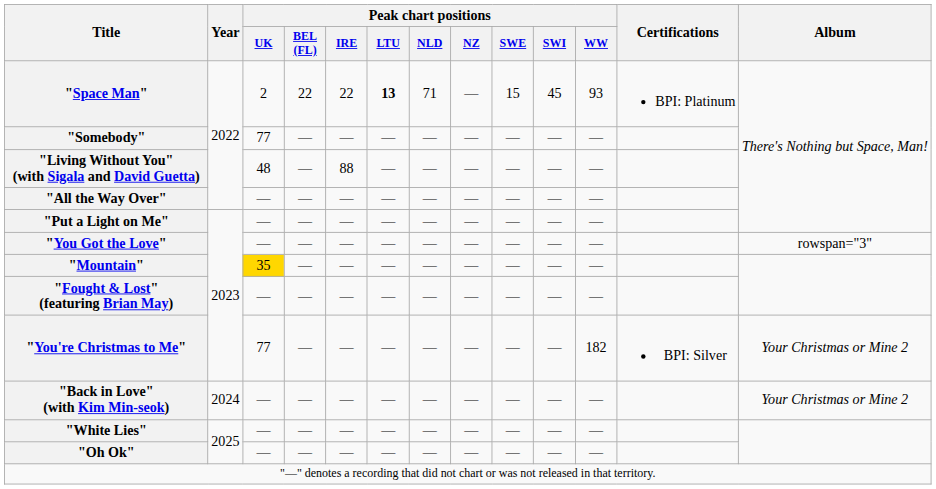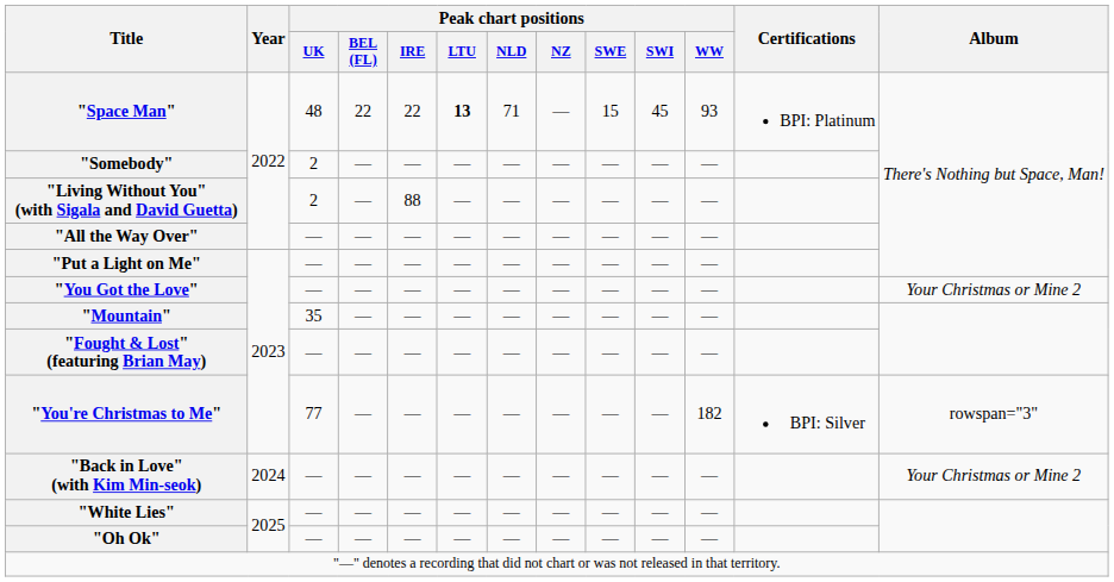 <table class="wikitable plainrowheaders" style="text-align:center;">
 <tr>
 <th scope="col" rowspan="2" style="width:14em;">Title</th>
 <th scope="col" rowspan="2" style="width:1em;">Year</th>
 <th scope="col" colspan="9">Peak chart positions</th>
 <th scope="col" rowspan="2">Certifications</th>
 <th scope="col" rowspan="2">Album</th>
 </tr>
 <tr>
 <th scope="col" style="width:3em;font-size:85%;"><a href='#'>UK</a><br></th>
 <th scope="col" style="width:3em;font-size:85%;"><a href='#'>BEL<br>(FL)</a><br></th>
 <th scope="col" style="width:3em;font-size:85%;"><a href='#'>IRE</a><br></th>
 <th scope="col" style="width:3em;font-size:85%;"><a href='#'>LTU</a><br></th>
 <th scope="col" style="width:3em;font-size:85%;"><a href='#'>NLD</a><br></th>
 <th scope="col" style="width:3em;font-size:85%;"><a href='#'>NZ</a><br></th>
 <th scope="col" style="width:3em;font-size:85%;"><a href='#'>SWE</a><br></th>
 <th scope="col" style="width:3em;font-size:85%;"><a href='#'>SWI</a><br></th>
 <th scope="col" style="width:3em;font-size:85%;"><a href='#'>WW</a><br></th>
 </tr>
 <tr>
 <th scope="row">"<a href='#'>Space Man</a>"</th>
 <td rowspan="4">2022</td>
-<td>2</td>
+<td>48</td>
 <td>22</td>
 <td>22</td>
 <td><strong>13</strong></td>
 <td>71</td>
 <td>—</td>
 <td>15</td>
 <td>45</td>
 <td>93</td>
 <td><br><ul><li>BPI: Platinum</li></ul></td>
 <td rowspan="5"><em>There's Nothing but Space, Man!</em></td>
 </tr>
 <tr>
 <th scope="row">"Somebody"</th>
-<td>77</td>
+<td>2</td>
 <td>—</td>
 <td>—</td>
 <td>—</td>
 <td>—</td>
 <td>—</td>
 <td>—</td>
 <td>—</td>
 <td>—</td>
 <td></td>
 </tr>
 <tr>
 <th scope="row">"Living Without You"<br><span>(with <a href='#'>Sigala</a> and <a href='#'>David Guetta</a>)</span></th>
-<td>48</td>
+<td>2</td>
 <td>—</td>
 <td>88</td>
 <td>—</td>
 <td>—</td>
 <td>—</td>
 <td>—</td>
 <td>—</td>
 <td>—</td>
 <td></td>
 </tr>
 <tr>
 <th scope="row">"All the Way Over"</th>
 <td>—</td>
 <td>—</td>
 <td>—</td>
 <td>—</td>
 <td>—</td>
 <td>—</td>
 <td>—</td>
 <td>—</td>
 <td>—</td>
 <td></td>
 </tr>
 <tr>
 <th scope="row">"Put a Light on Me"</th>
 <td rowspan="5">2023</td>
 <td>—</td>
 <td>—</td>
 <td>—</td>
 <td>—</td>
 <td>—</td>
 <td>—</td>
 <td>—</td>
 <td>—</td>
 <td>—</td>
 <td></td>
 </tr>
 <tr>
 <th scope="row">"<a href='#'>You Got the Love</a>"</th>
 <td>—</td>
 <td>—</td>
 <td>—</td>
 <td>—</td>
 <td>—</td>
 <td>—</td>
 <td>—</td>
 <td>—</td>
 <td>—</td>
 <td></td>
-<td>rowspan="3" </td>
+<td><em>Your Christmas or Mine 2</em></td>
 </tr>
 <tr>
 <th scope="row">"<a href='#'>Mountain</a>"</th>
-<td style="background: gold;">35</td>
+<td>35</td>
 <td>—</td>
 <td>—</td>
 <td>—</td>
 <td>—</td>
 <td>—</td>
 <td>—</td>
 <td>—</td>
 <td>—</td>
 <td></td>
 </tr>
 <tr>
 <th scope="row">"<a href='#'>Fought & Lost</a>"<br><span>(featuring <a href='#'>Brian May</a>)</span></th>
 <td>—</td>
 <td>—</td>
 <td>—</td>
 <td>—</td>
 <td>—</td>
 <td>—</td>
 <td>—</td>
 <td>—</td>
 <td>—</td>
 <td></td>
 </tr>
 <tr>
 <th scope="row">"<a href='#'>You're Christmas to Me</a>"</th>
 <td>77</td>
 <td>—</td>
 <td>—</td>
 <td>—</td>
 <td>—</td>
 <td>—</td>
 <td>—</td>
 <td>—</td>
 <td>182</td>
 <td><br><ul><li>BPI: Silver</li></ul></td>
-<td><em>Your Christmas or Mine 2</em></td>
+<td>rowspan="3" </td>
 </tr>
 <tr>
 <th scope="row">"Back in Love"<br><span>(with <a href='#'>Kim Min-seok</a>)</span></th>
 <td>2024</td>
 <td>—</td>
 <td>—</td>
 <td>—</td>
 <td>—</td>
 <td>—</td>
 <td>—</td>
 <td>—</td>
 <td>—</td>
 <td>—</td>
 <td></td>
 <td><em>Your Christmas or Mine 2</em></td>
 </tr>
 <tr>
 <th scope="row">"White Lies"</th>
 <td rowspan="2">2025</td>
 <td>—</td>
 <td>—</td>
 <td>—</td>
 <td>—</td>
 <td>—</td>
 <td>—</td>
 <td>—</td>
 <td>—</td>
 <td>—</td>
 <td></td>
 </tr>
 <tr>
 <th scope="row">"Oh Ok"</th>
 <td>—</td>
 <td>—</td>
 <td>—</td>
 <td>—</td>
 <td>—</td>
 <td>—</td>
 <td>—</td>
 <td>—</td>
 <td>—</td>
 <td></td>
 </tr>
 <tr>
 <td colspan="23" style="font-size:85%;">"—" denotes a recording that did not chart or was not released in that territory.</td>
 </tr>
 </table>
